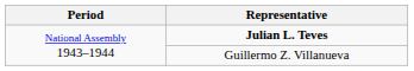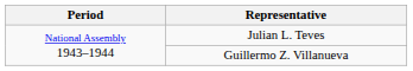 <table class="wikitable" style="text-align:center; width:40%;">
 <tr>
 <th width="40%">Period</th>
 <th>Representative</th>
 </tr>
 <tr>
 <td rowspan="2"><small><a href='#'>National Assembly</a></small><br>1943–1944</td>
-<td><strong>Julian L. Teves</strong></td>
+<td>Julian L. Teves</td>
 </tr>
 <tr>
 <td>Guillermo Z. Villanueva</td>
 </tr>
 </table>
